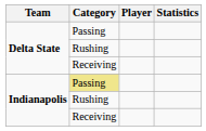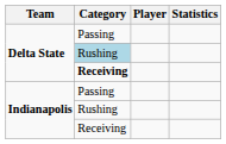 <table class="wikitable" style="float: right;">
 <tr>
 <th>Team</th>
 <th>Category</th>
 <th>Player</th>
 <th>Statistics</th>
 </tr>
 <tr>
 <td rowspan=3><strong>Delta State</strong></td>
 <td>Passing</td>
 <td></td>
 <td></td>
 </tr>
 <tr>
-<td>Rushing</td>
+<td style="background: lightblue;">Rushing</td>
 <td></td>
 <td></td>
 </tr>
 <tr>
-<td>Receiving</td>
+<td><strong>Receiving</strong></td>
 <td></td>
 <td></td>
 </tr>
 <tr>
 <td rowspan=3><strong>Indianapolis</strong></td>
-<td style="background: khaki;">Passing</td>
+<td>Passing</td>
 <td></td>
 <td></td>
 </tr>
 <tr>
 <td>Rushing</td>
 <td></td>
 <td></td>
 </tr>
 <tr>
 <td>Receiving</td>
 <td></td>
 <td></td>
 </tr>
 </table>
